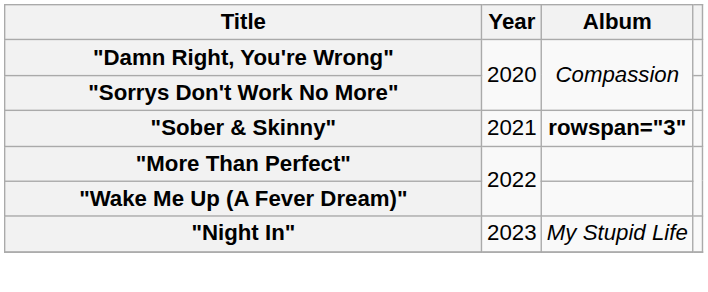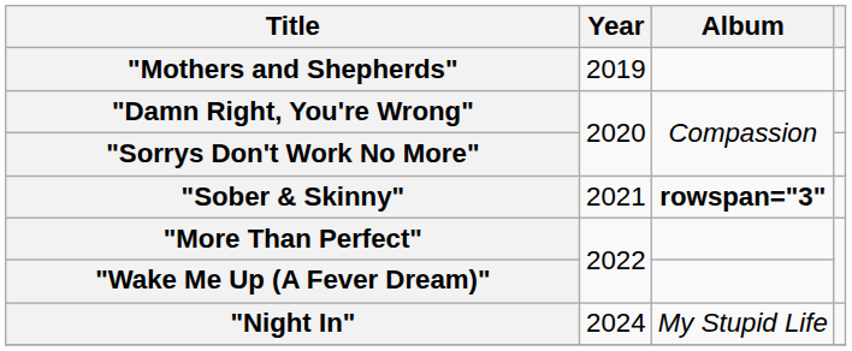 <table class="wikitable plainrowheaders" style="text-align:center;">
 <tr>
 <th style="width:21em;">Title</th>
 <th>Year</th>
 <th>Album</th>
 <th></th>
+</tr>
+<tr>
+<th scope="row">"Mothers and Shepherds" </th>
+<td>2019</td>
+<td></td>
+<td></td>
 </tr>
 <tr>
 <th scope="row">"Damn Right, You're Wrong"</th>
 <td rowspan="2">2020</td>
 <td rowspan="2"><em>Compassion</em></td>
 <td></td>
 </tr>
 <tr>
 <th scope="row">"Sorrys Don't Work No More"</th>
 <td></td>
 </tr>
 <tr>
 <th scope="row">"Sober & Skinny"</th>
 <td>2021</td>
 <td><strong>rowspan="3" </strong></td>
 <td></td>
 </tr>
 <tr>
 <th scope="row">"More Than Perfect"</th>
 <td rowspan="2">2022</td>
 <td></td>
 </tr>
 <tr>
 <th scope="row">"Wake Me Up (A Fever Dream)"</th>
 <td></td>
 </tr>
 <tr>
 <th scope="row">"Night In"</th>
-<td>2023</td>
+<td>2024</td>
 <td><em>My Stupid Life</em></td>
 <td></td>
 </tr>
 <tr>
 </tr>
 </table>
